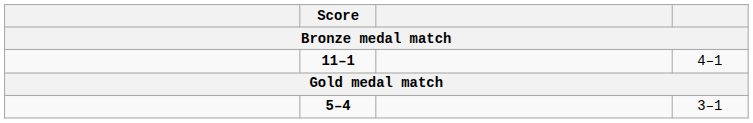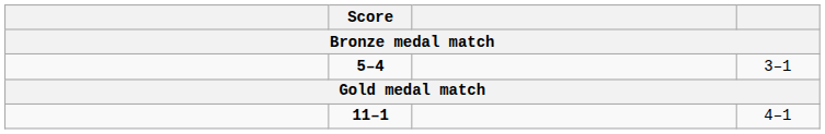 <table class="wikitable" style="text-align: left;">
 <tr>
 <th align="right" width="270"></th>
 <th width="65">Score</th>
 <th align="left" width="270"></th>
 <th width="65"></th>
 </tr>
 <tr>
 <th colspan=4>Bronze medal match</th>
 </tr>
 <tr>
 <td><strong></strong></td>
-<td align="center"><strong>11–1</strong></td>
+<td align="center"><strong>5–4</strong></td>
 <td></td>
-<td align=center>4–1 <strong></strong></td>
+<td align=center>3–1 <strong></strong></td>
 </tr>
 <tr>
 <th colspan=4>Gold medal match</th>
 </tr>
 <tr>
 <td><strong></strong></td>
-<td align="center"><strong>5–4</strong></td>
+<td align="center"><strong>11–1</strong></td>
 <td></td>
-<td align=center>3–1 <strong></strong></td>
+<td align=center>4–1 <strong></strong></td>
 </tr>
 </table>
